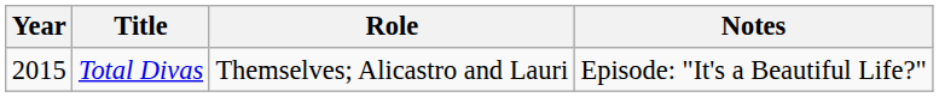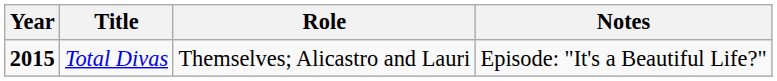 <table class="wikitable sortable">
 <tr>
 <th>Year</th>
 <th>Title</th>
 <th>Role</th>
 <th class="unsortable">Notes</th>
 </tr>
 <tr>
-<td>2015</td>
+<td><strong>2015</strong></td>
 <td><em><a href='#'>Total Divas</a></em></td>
 <td>Themselves; Alicastro and Lauri</td>
 <td>Episode: "It's a Beautiful Life?"</td>
 </tr>
 </table>
